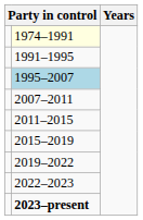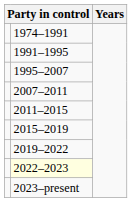 <table class="wikitable">
 <tr>
 <th colspan=2>Party in control</th>
 <th>Years</th>
 </tr>
 <tr>
 <td></td>
-<td style="background: lightyellow;">1974–1991</td>
+<td>1974–1991</td>
 </tr>
 <tr>
 <td></td>
 <td>1991–1995</td>
 </tr>
 <tr>
 <td></td>
-<td style="background: lightblue;">1995–2007</td>
+<td>1995–2007</td>
 </tr>
 <tr>
 <td></td>
 <td>2007–2011</td>
 </tr>
 <tr>
 <td></td>
 <td>2011–2015</td>
 </tr>
 <tr>
 <td></td>
 <td>2015–2019</td>
 </tr>
 <tr>
 <td></td>
 <td>2019–2022</td>
 </tr>
 <tr>
 <td></td>
-<td>2022–2023</td>
+<td style="background: lightyellow;">2022–2023</td>
 </tr>
 <tr>
 <td></td>
-<td><strong>2023–present</strong></td>
+<td>2023–present</td>
 </tr>
 </table>
